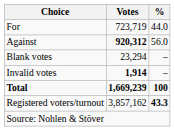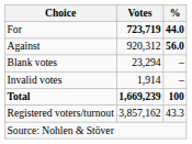 <table class=wikitable style=text-align:right>
 <tr>
 <th>Choice</th>
 <th>Votes</th>
 <th>%</th>
 </tr>
 <tr>
 <td align=left>For</td>
-<td>723,719</td>
-<td>44.0</td>
+<td><strong>723,719</strong></td>
+<td><strong>44.0</strong></td>
 </tr>
 <tr>
 <td align=left>Against</td>
-<td><strong>920,312</strong></td>
-<td>56.0</td>
+<td>920,312</td>
+<td><strong>56.0</strong></td>
 </tr>
 <tr>
 <td align=left>Blank votes</td>
 <td>23,294</td>
 <td>–</td>
 </tr>
 <tr>
 <td align=left>Invalid votes</td>
-<td><strong>1,914</strong></td>
+<td>1,914</td>
 <td>–</td>
 </tr>
 <tr>
 <td align=left><strong>Total</strong></td>
 <td><strong>1,669,239</strong></td>
 <td><strong>100</strong></td>
 </tr>
 <tr>
 <td align=left>Registered voters/turnout</td>
 <td>3,857,162</td>
-<td><strong>43.3</strong></td>
+<td>43.3</td>
 </tr>
 <tr>
 <td align=left colspan=11>Source: Nohlen & Stöver</td>
 </tr>
 </table>
